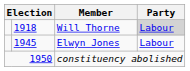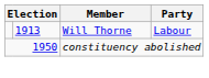 <table class="wikitable">
 <tr>
 <th colspan="2">Election</th>
 <th>Member</th>
 <th>Party</th>
 </tr>
 <tr>
 <td style="color:inherit;background-color: "></td>
-<td><a href='#'>1918</a></td>
+<td><a href='#'>1913</a></td>
 <td><a href='#'>Will Thorne</a></td>
-<td style="background: lightgrey;"><a href='#'>Labour</a></td>
-</tr>
-<tr>
-<td style="color:inherit;background-color: "></td>
-<td><a href='#'>1945</a></td>
-<td><a href='#'>Elwyn Jones</a></td>
 <td><a href='#'>Labour</a></td>
 </tr>
 <tr>
 <td colspan="2" align="right"><a href='#'>1950</a></td>
 <td colspan="2"><em>constituency abolished</em></td>
 </tr>
 </table>
